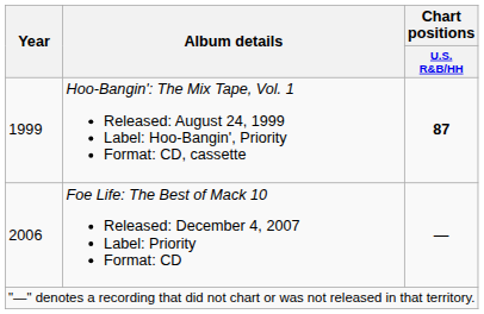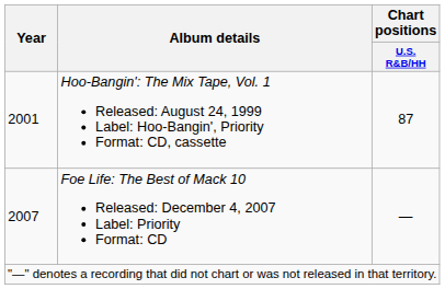 <table class="wikitable">
 <tr>
 <th rowspan="2">Year</th>
 <th rowspan="2">Album details</th>
 <th colspan="1">Chart positions</th>
 </tr>
 <tr>
 <th style="width:3em;font-size:75%"><a href='#'>U.S.<br>R&B/HH</a><br></th>
 </tr>
 <tr>
-<td>1999</td>
+<td>2001</td>
 <td><em>Hoo-Bangin': The Mix Tape, Vol. 1</em><br><ul><li>Released: August 24, 1999</li><li>Label: Hoo-Bangin', Priority</li><li>Format: CD, cassette</li></ul></td>
-<td align="center"><strong>87</strong></td>
+<td align="center">87</td>
 </tr>
 <tr>
-<td>2006</td>
+<td>2007</td>
 <td><em>Foe Life: The Best of Mack 10</em><br><ul><li>Released: December 4, 2007</li><li>Label: Priority</li><li>Format: CD</li></ul></td>
 <td align="center">—</td>
 </tr>
 <tr>
 <td colspan="8" style="font-size:90%; text-align:center">"—" denotes a recording that did not chart or was not released in that territory.</td>
 </tr>
 </table>
